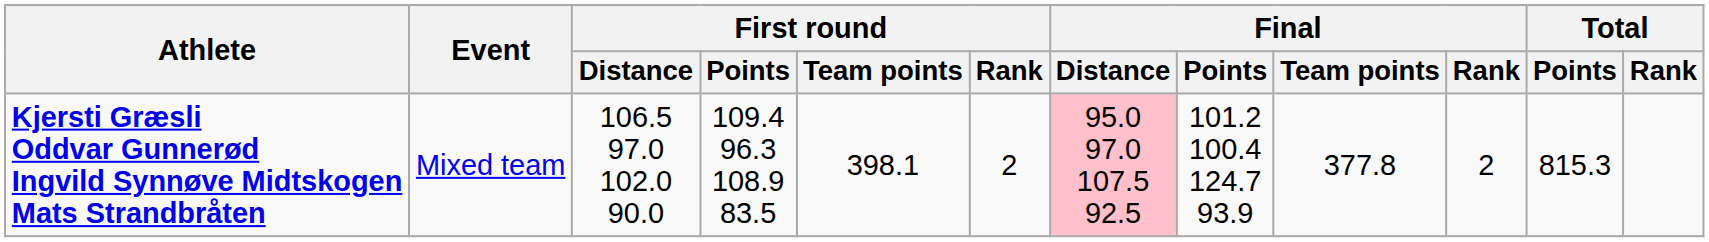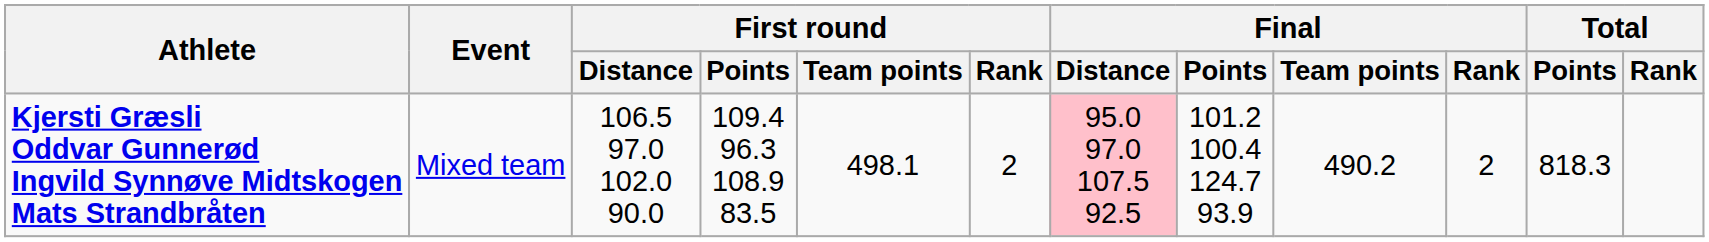 <table class="wikitable" style="font-size:90%">
 <tr>
 <th rowspan=2>Athlete</th>
 <th rowspan=2>Event</th>
 <th colspan="4">First round</th>
 <th colspan="4">Final</th>
 <th colspan=2>Total</th>
 </tr>
 <tr style="font-size:95%">
 <th>Distance</th>
 <th>Points</th>
 <th>Team points</th>
 <th>Rank</th>
 <th>Distance</th>
 <th>Points</th>
 <th>Team points</th>
 <th>Rank</th>
 <th>Points</th>
 <th>Rank</th>
 </tr>
 <tr align=center>
 <td align=left><strong><a href='#'>Kjersti Græsli</a><br><a href='#'>Oddvar Gunnerød</a><br><a href='#'>Ingvild Synnøve Midtskogen</a><br><a href='#'>Mats Strandbråten</a></strong></td>
 <td align=left><a href='#'>Mixed team</a></td>
 <td>106.5<br>97.0<br>102.0<br>90.0</td>
 <td>109.4<br>96.3<br>108.9<br>83.5</td>
-<td>398.1</td>
+<td>498.1</td>
 <td>2</td>
 <td style="background: pink;">95.0<br>97.0<br>107.5<br>92.5</td>
 <td>101.2<br>100.4<br>124.7<br>93.9</td>
-<td>377.8</td>
+<td>490.2</td>
 <td>2</td>
-<td>815.3</td>
+<td>818.3</td>
 <td></td>
 </tr>
 </table>
